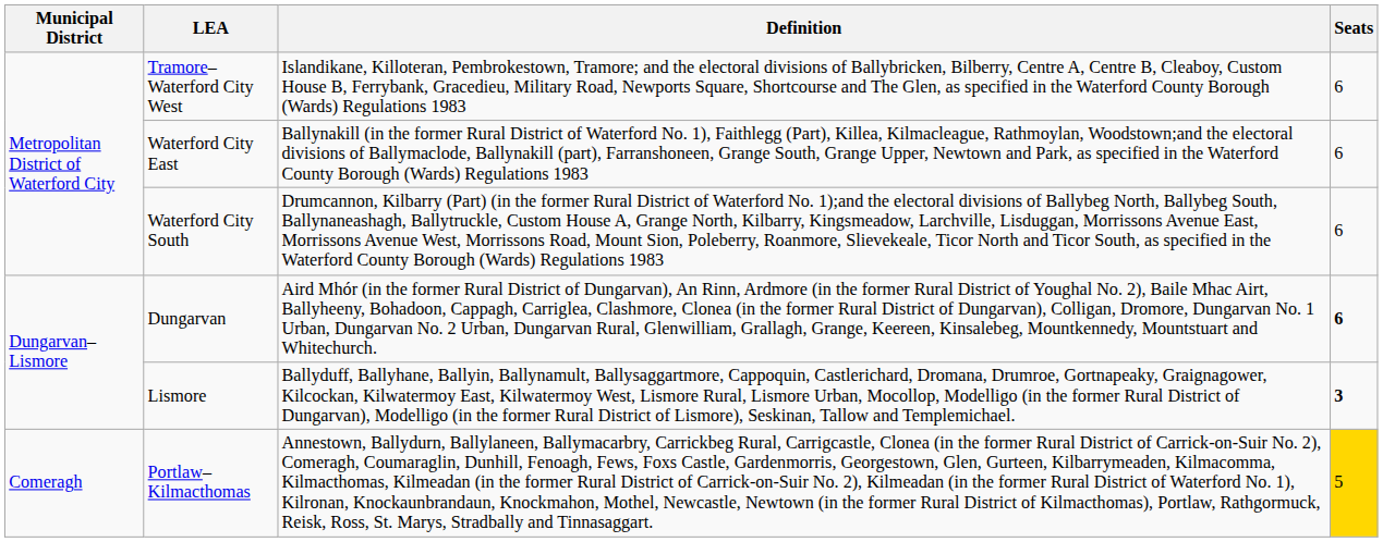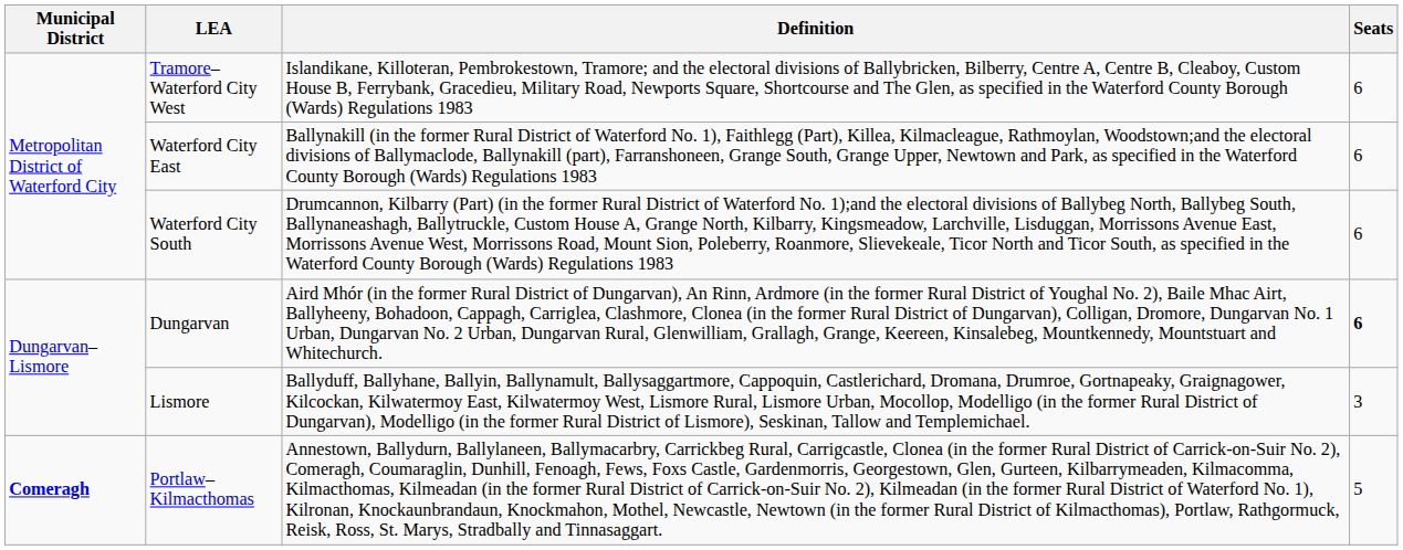 <table class="wikitable">
 <tr>
 <th>Municipal District</th>
 <th>LEA</th>
 <th>Definition</th>
 <th>Seats</th>
 </tr>
 <tr>
 <td rowspan=3><a href='#'>Metropolitan District of Waterford City</a></td>
 <td><a href='#'>Tramore</a>–Waterford City West</td>
 <td>Islandikane, Killoteran, Pembrokestown, Tramore; and the electoral divisions of Ballybricken, Bilberry, Centre A, Centre B, Cleaboy, Custom House B, Ferrybank, Gracedieu, Military Road, Newports Square, Shortcourse and The Glen, as specified in the Waterford County Borough (Wards) Regulations 1983</td>
 <td>6</td>
 </tr>
 <tr>
 <td>Waterford City East</td>
 <td>Ballynakill (in the former Rural District of Waterford No. 1), Faithlegg (Part), Killea, Kilmacleague, Rathmoylan, Woodstown;and the electoral divisions of Ballymaclode, Ballynakill (part), Farranshoneen, Grange South, Grange Upper, Newtown and Park, as specified in the Waterford County Borough (Wards) Regulations 1983</td>
 <td>6</td>
 </tr>
 <tr>
 <td>Waterford City South</td>
 <td>Drumcannon, Kilbarry (Part) (in the former Rural District of Waterford No. 1);and the electoral divisions of Ballybeg North, Ballybeg South, Ballynaneashagh, Ballytruckle, Custom House A, Grange North, Kilbarry, Kingsmeadow, Larchville, Lisduggan, Morrissons Avenue East, Morrissons Avenue West, Morrissons Road, Mount Sion, Poleberry, Roanmore, Slievekeale, Ticor North and Ticor South, as specified in the Waterford County Borough (Wards) Regulations 1983</td>
 <td>6</td>
 </tr>
 <tr>
 <td rowspan=2><a href='#'>Dungarvan</a>–<a href='#'>Lismore</a></td>
 <td>Dungarvan</td>
 <td>Aird Mhór (in the former Rural District of Dungarvan), An Rinn, Ardmore (in the former Rural District of Youghal No. 2), Baile Mhac Airt, Ballyheeny, Bohadoon, Cappagh, Carriglea, Clashmore, Clonea (in the former Rural District of Dungarvan), Colligan, Dromore, Dungarvan No. 1 Urban, Dungarvan No. 2 Urban, Dungarvan Rural, Glenwilliam, Grallagh, Grange, Keereen, Kinsalebeg, Mountkennedy, Mountstuart and Whitechurch.</td>
 <td><strong>6</strong></td>
 </tr>
 <tr>
 <td>Lismore</td>
 <td>Ballyduff, Ballyhane, Ballyin, Ballynamult, Ballysaggartmore, Cappoquin, Castlerichard, Dromana, Drumroe, Gortnapeaky, Graignagower, Kilcockan, Kilwatermoy East, Kilwatermoy West, Lismore Rural, Lismore Urban, Mocollop, Modelligo (in the former Rural District of Dungarvan), Modelligo (in the former Rural District of Lismore), Seskinan, Tallow and Templemichael.</td>
-<td><strong>3</strong></td>
+<td>3</td>
 </tr>
 <tr>
-<td><a href='#'>Comeragh</a></td>
+<td><strong><a href='#'>Comeragh</a></strong></td>
 <td><a href='#'>Portlaw</a>–<a href='#'>Kilmacthomas</a></td>
 <td>Annestown, Ballydurn, Ballylaneen, Ballymacarbry, Carrickbeg Rural, Carrigcastle, Clonea (in the former Rural District of Carrick-on-Suir No. 2), Comeragh, Coumaraglin, Dunhill, Fenoagh, Fews, Foxs Castle, Gardenmorris, Georgestown, Glen, Gurteen, Kilbarrymeaden, Kilmacomma, Kilmacthomas, Kilmeadan (in the former Rural District of Carrick-on-Suir No. 2), Kilmeadan (in the former Rural District of Waterford No. 1), Kilronan, Knockaunbrandaun, Knockmahon, Mothel, Newcastle, Newtown (in the former Rural District of Kilmacthomas), Portlaw, Rathgormuck, Reisk, Ross, St. Marys, Stradbally and Tinnasaggart.</td>
-<td style="background: gold;">5</td>
+<td>5</td>
 </tr>
 </table>
